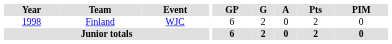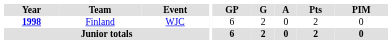 <table border="0" cellpadding="1" cellspacing="0" ID="Table3" style="text-align:center; width:40em">
 <tr bgcolor="#e0e0e0">
 <th>Year</th>
 <th>Team</th>
 <th>Event</th>
 <th rowspan="102" bgcolor="#ffffff"></th>
 <th>GP</th>
 <th>G</th>
 <th>A</th>
 <th>Pts</th>
 <th>PIM</th>
 </tr>
 <tr>
-<td><a href='#'>1998</a></td>
+<td><strong><a href='#'>1998</a></strong></td>
 <td><a href='#'>Finland</a></td>
 <td><a href='#'>WJC</a></td>
 <td>6</td>
 <td>2</td>
 <td>0</td>
 <td>2</td>
 <td>0</td>
 </tr>
 <tr bgcolor="#e0e0e0">
 <th colspan="3">Junior totals</th>
 <th>6</th>
 <th>2</th>
 <th>0</th>
 <th>2</th>
 <th>0</th>
 </tr>
 </table>
